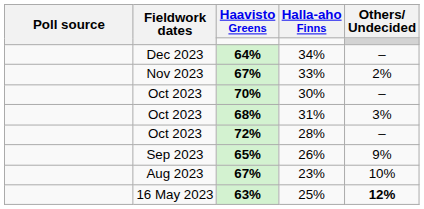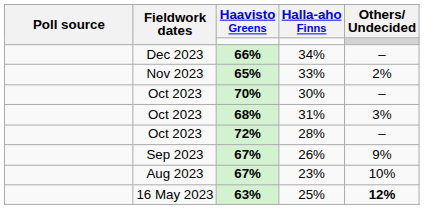 <table class="wikitable mw-collapsible mw-collapsed" style="text-align:center;font-size:85%;line-height:14px;">
 <tr bgcolor="lightgray">
 <th rowspan="3" style="width:125px;">Poll source</th>
 <th rowspan="3">Fieldwork<br>dates</th>
 </tr>
 <tr>
 <th><a href='#'>Haavisto</a><br><small><a href='#'>Greens</a></small></th>
 <th><a href='#'>Halla-aho</a><br><small><a href='#'>Finns</a></small></th>
 <th>Others/<br>Undecided</th>
 </tr>
 <tr>
 <td></td>
 <td></td>
 <td bgcolor="lightgray"></td>
 </tr>
 <tr>
 <td></td>
 <td>Dec 2023</td>
-<td style="background:#D3F2D0"><strong>64%</strong></td>
+<td style="background:#D3F2D0"><strong>66%</strong></td>
 <td>34%</td>
 <td>–</td>
 </tr>
 <tr>
 <td></td>
 <td>Nov 2023</td>
-<td style="background:#D3F2D0"><strong>67%</strong></td>
+<td style="background:#D3F2D0"><strong>65%</strong></td>
 <td>33%</td>
 <td>2%</td>
 </tr>
 <tr>
 <td></td>
 <td>Oct 2023</td>
 <td style="background:#D3F2D0"><strong>70%</strong></td>
 <td>30%</td>
 <td>–</td>
 </tr>
 <tr>
 <td></td>
 <td>Oct 2023</td>
 <td style="background:#D3F2D0"><strong>68%</strong></td>
 <td>31%</td>
 <td>3%</td>
 </tr>
 <tr>
 <td></td>
 <td>Oct 2023</td>
 <td style="background:#D3F2D0"><strong>72%</strong></td>
 <td>28%</td>
 <td>–</td>
 </tr>
 <tr>
 <td></td>
 <td>Sep 2023</td>
-<td style="background:#D3F2D0"><strong>65%</strong></td>
+<td style="background:#D3F2D0"><strong>67%</strong></td>
 <td>26%</td>
 <td>9%</td>
 </tr>
 <tr>
 <td></td>
 <td>Aug 2023</td>
 <td style="background:#D3F2D0"><strong>67%</strong></td>
 <td>23%</td>
 <td>10%</td>
 </tr>
 <tr>
 <td></td>
 <td>16 May 2023</td>
 <td style="background:#D3F2D0"><strong>63%</strong></td>
 <td>25%</td>
 <td><strong>12%</strong></td>
 </tr>
 </table>
